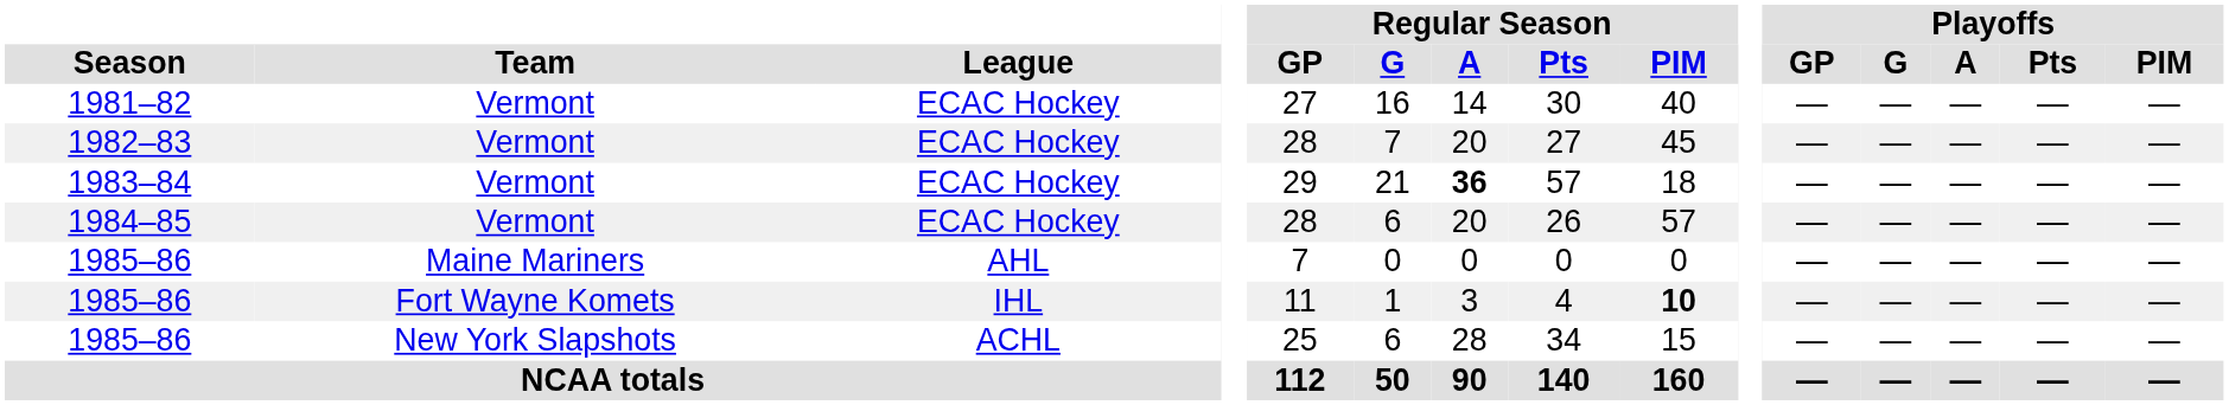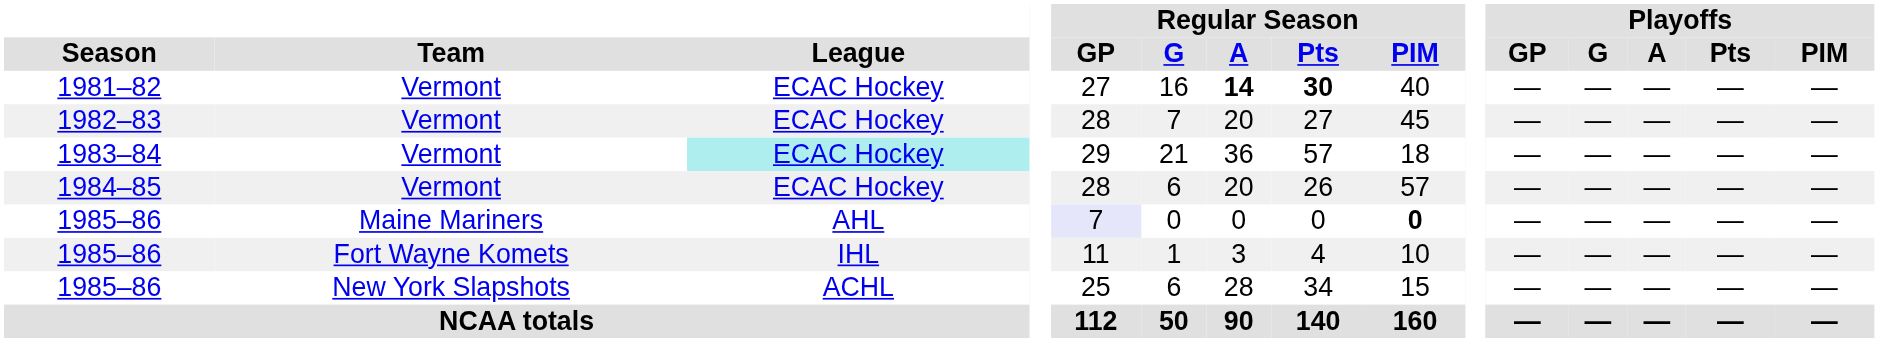 <table border="0" cellpadding="1" cellspacing="0" style="text-align:center; width:70em">
 <tr bgcolor="#e0e0e0">
 <th colspan="3"  bgcolor="#ffffff"> </th>
 <th rowspan="99" bgcolor="#ffffff"> </th>
 <th colspan="5">Regular Season</th>
 <th rowspan="99" bgcolor="#ffffff"> </th>
 <th colspan="5">Playoffs</th>
 </tr>
 <tr bgcolor="#e0e0e0">
 <th>Season</th>
 <th>Team</th>
 <th>League</th>
 <th>GP</th>
 <th><a href='#'>G</a></th>
 <th><a href='#'>A</a></th>
 <th><a href='#'>Pts</a></th>
 <th><a href='#'>PIM</a></th>
 <th>GP</th>
 <th>G</th>
 <th>A</th>
 <th>Pts</th>
 <th>PIM</th>
 </tr>
 <tr>
 <td><a href='#'>1981–82</a></td>
 <td><a href='#'>Vermont</a></td>
 <td><a href='#'>ECAC Hockey</a></td>
 <td>27</td>
 <td>16</td>
-<td>14</td>
-<td>30</td>
+<td><strong>14</strong></td>
+<td><strong>30</strong></td>
 <td>40</td>
 <td>—</td>
 <td>—</td>
 <td>—</td>
 <td>—</td>
 <td>—</td>
 </tr>
 <tr bgcolor="f0f0f0">
 <td><a href='#'>1982–83</a></td>
 <td><a href='#'>Vermont</a></td>
 <td><a href='#'>ECAC Hockey</a></td>
 <td>28</td>
 <td>7</td>
 <td>20</td>
 <td>27</td>
 <td>45</td>
 <td>—</td>
 <td>—</td>
 <td>—</td>
 <td>—</td>
 <td>—</td>
 </tr>
 <tr>
 <td><a href='#'>1983–84</a></td>
 <td><a href='#'>Vermont</a></td>
-<td><a href='#'>ECAC Hockey</a></td>
+<td style="background: paleturquoise;"><a href='#'>ECAC Hockey</a></td>
 <td>29</td>
 <td>21</td>
-<td><strong>36</strong></td>
+<td>36</td>
 <td>57</td>
 <td>18</td>
 <td>—</td>
 <td>—</td>
 <td>—</td>
 <td>—</td>
 <td>—</td>
 </tr>
 <tr bgcolor="f0f0f0">
 <td><a href='#'>1984–85</a></td>
 <td><a href='#'>Vermont</a></td>
 <td><a href='#'>ECAC Hockey</a></td>
 <td>28</td>
 <td>6</td>
 <td>20</td>
 <td>26</td>
 <td>57</td>
 <td>—</td>
 <td>—</td>
 <td>—</td>
 <td>—</td>
 <td>—</td>
 </tr>
 <tr>
 <td><a href='#'>1985–86</a></td>
 <td><a href='#'>Maine Mariners</a></td>
 <td><a href='#'>AHL</a></td>
-<td>7</td>
+<td style="background: lavender;">7</td>
 <td>0</td>
 <td>0</td>
 <td>0</td>
-<td>0</td>
+<td><strong>0</strong></td>
 <td>—</td>
 <td>—</td>
 <td>—</td>
 <td>—</td>
 <td>—</td>
 </tr>
 <tr bgcolor="f0f0f0">
 <td><a href='#'>1985–86</a></td>
 <td><a href='#'>Fort Wayne Komets</a></td>
 <td><a href='#'>IHL</a></td>
 <td>11</td>
 <td>1</td>
 <td>3</td>
 <td>4</td>
-<td><strong>10</strong></td>
+<td>10</td>
 <td>—</td>
 <td>—</td>
 <td>—</td>
 <td>—</td>
 <td>—</td>
 </tr>
 <tr>
 <td><a href='#'>1985–86</a></td>
 <td><a href='#'>New York Slapshots</a></td>
 <td><a href='#'>ACHL</a></td>
 <td>25</td>
 <td>6</td>
 <td>28</td>
 <td>34</td>
 <td>15</td>
 <td>—</td>
 <td>—</td>
 <td>—</td>
 <td>—</td>
 <td>—</td>
 </tr>
 <tr bgcolor="#e0e0e0">
 <th colspan="3">NCAA totals</th>
 <th>112</th>
 <th>50</th>
 <th>90</th>
 <th>140</th>
 <th>160</th>
 <th>—</th>
 <th>—</th>
 <th>—</th>
 <th>—</th>
 <th>—</th>
 </tr>
 </table>
